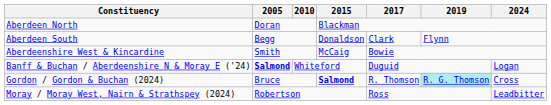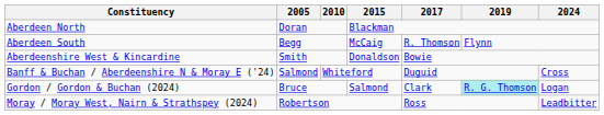 <table class="wikitable">
 <tr>
 <th>Constituency</th>
 <th>2005</th>
 <th>2010</th>
 <th>2015</th>
 <th>2017</th>
 <th>2019</th>
 <th>2024</th>
 </tr>
 <tr>
 <td><a href='#'>Aberdeen North</a></td>
 <td colspan="2"><a href='#'>Doran</a></td>
 <td colspan="4"><a href='#'>Blackman</a></td>
 </tr>
 <tr>
 <td><a href='#'>Aberdeen South</a></td>
 <td colspan="2"><a href='#'>Begg</a></td>
-<td><a href='#'>Donaldson</a></td>
-<td><a href='#'>Clark</a></td>
+<td><a href='#'>McCaig</a></td>
+<td><a href='#'>R. Thomson</a></td>
 <td colspan="2"><a href='#'>Flynn</a></td>
 </tr>
 <tr>
 <td><a href='#'>Aberdeenshire West & Kincardine</a></td>
 <td colspan="2"><a href='#'>Smith</a></td>
-<td><a href='#'>McCaig</a></td>
+<td><a href='#'>Donaldson</a></td>
 <td colspan="3"><a href='#'>Bowie</a></td>
 </tr>
 <tr>
 <td><a href='#'>Banff & Buchan</a> / <a href='#'>Aberdeenshire N & Moray E</a> ('24)</td>
-<td><strong><a href='#'>Salmond</a></strong></td>
+<td><a href='#'>Salmond</a></td>
 <td colspan="2"><a href='#'>Whiteford</a></td>
 <td colspan="2"><a href='#'>Duguid</a></td>
-<td><a href='#'>Logan</a></td>
+<td><a href='#'>Cross</a></td>
 </tr>
 <tr>
 <td><a href='#'>Gordon</a> / <a href='#'>Gordon & Buchan</a> (2024)</td>
 <td colspan="2"><a href='#'>Bruce</a></td>
-<td><strong><a href='#'>Salmond</a></strong></td>
-<td><a href='#'>R. Thomson</a></td>
+<td><a href='#'>Salmond</a></td>
+<td><a href='#'>Clark</a></td>
 <td style="background: paleturquoise;"><a href='#'>R. G. Thomson</a></td>
-<td><a href='#'>Cross</a></td>
+<td><a href='#'>Logan</a></td>
 </tr>
 <tr>
 <td><a href='#'>Moray</a> / <a href='#'>Moray West, Nairn & Strathspey</a> (2024)</td>
 <td colspan="3"><a href='#'>Robertson</a></td>
 <td colspan="2"><a href='#'>Ross</a></td>
 <td><a href='#'>Leadbitter</a></td>
 </tr>
 </table>
